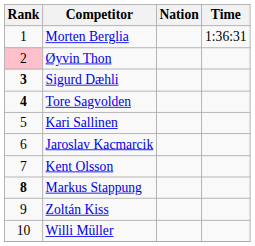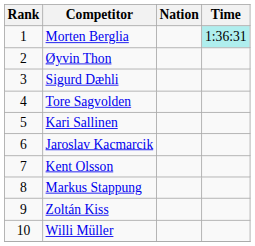 <table class="wikitable sortable" style="text-align:left">
 <tr>
 <th data-sort-type="number">Rank</th>
 <th class="unsortable">Competitor</th>
 <th>Nation</th>
 <th>Time</th>
 </tr>
 <tr>
 <td style="text-align:center">1</td>
 <td><a href='#'>Morten Berglia</a></td>
 <td></td>
-<td style="text-align:right">1:36:31</td>
+<td style="background: paleturquoise; text-align:right">1:36:31</td>
 </tr>
 <tr>
-<td style="background: pink; text-align:center">2</td>
+<td style="text-align:center">2</td>
 <td><a href='#'>Øyvin Thon</a></td>
 <td></td>
 <td style="text-align:right"></td>
 </tr>
 <tr>
-<td style="text-align:center"><strong>3</strong></td>
+<td style="text-align:center">3</td>
 <td><a href='#'>Sigurd Dæhli</a></td>
 <td></td>
 <td style="text-align:right"></td>
 </tr>
 <tr>
-<td style="text-align:center"><strong>4</strong></td>
+<td style="text-align:center">4</td>
 <td><a href='#'>Tore Sagvolden</a></td>
 <td></td>
 <td style="text-align:right"></td>
 </tr>
 <tr>
 <td style="text-align:center">5</td>
 <td><a href='#'>Kari Sallinen</a></td>
 <td></td>
 <td style="text-align:right"></td>
 </tr>
 <tr>
 <td style="text-align:center">6</td>
 <td><a href='#'>Jaroslav Kacmarcik</a></td>
 <td></td>
 <td style="text-align:right"></td>
 </tr>
 <tr>
 <td style="text-align:center">7</td>
 <td><a href='#'>Kent Olsson</a></td>
 <td></td>
 <td style="text-align:right"></td>
 </tr>
 <tr>
-<td style="text-align:center"><strong>8</strong></td>
+<td style="text-align:center">8</td>
 <td><a href='#'>Markus Stappung</a></td>
 <td></td>
 <td style="text-align:right"></td>
 </tr>
 <tr>
 <td style="text-align:center">9</td>
 <td><a href='#'>Zoltán Kiss</a></td>
 <td></td>
 <td style="text-align:right"></td>
 </tr>
 <tr>
 <td style="text-align:center">10</td>
 <td><a href='#'>Willi Müller</a></td>
 <td></td>
 <td style="text-align:right"></td>
 </tr>
 <tr>
 </tr>
 </table>
